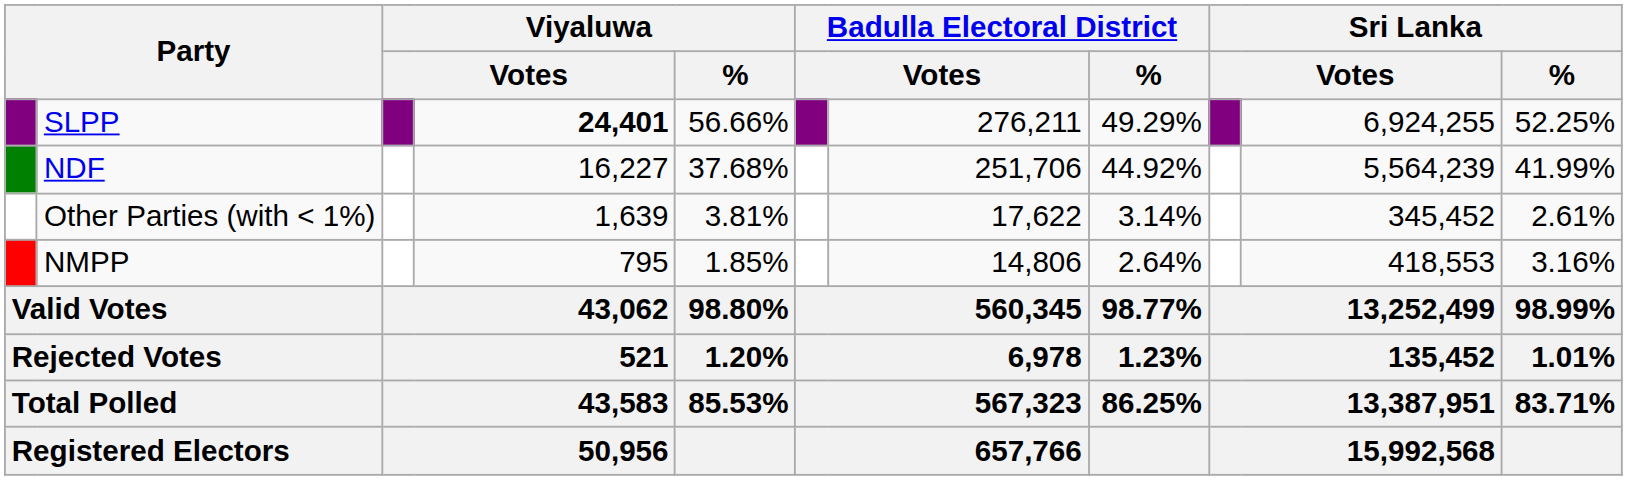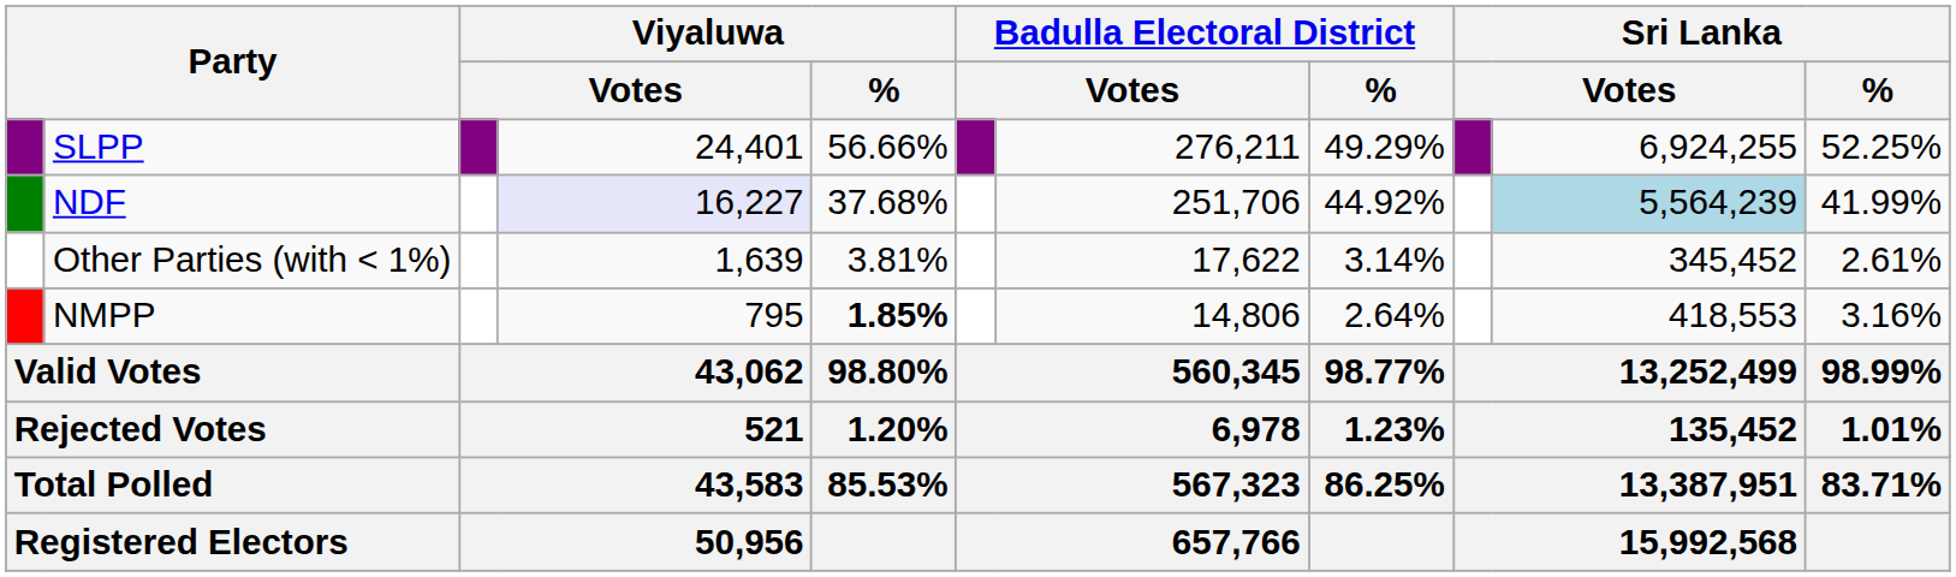 <table class="wikitable">
 <tr>
 <th colspan="2" width="144px"rowspan="2">Party</th>
 <th colspan="3" width="216px">Viyaluwa</th>
 <th colspan="3" width="216px"><a href='#'>Badulla Electoral District</a></th>
 <th colspan="3" width="216px">Sri Lanka</th>
 </tr>
 <tr>
 <th colspan="2" width="144px">Votes</th>
 <th>%</th>
 <th colspan="2" width="144px">Votes</th>
 <th>%</th>
 <th colspan="2" width="144px">Votes</th>
 <th>%</th>
 </tr>
 <tr>
 <td style="background-color:purple;" width="10px"></td>
 <td style="text-align:left;"><a href='#'>SLPP</a></td>
 <td style="background-color:purple;" width="10px"></td>
-<td style="text-align:right;"><strong>24,401</strong></td>
+<td style="text-align:right;">24,401</td>
 <td style="text-align:right;">56.66%</td>
 <td style="background-color:purple;" width="10px"></td>
 <td style="text-align:right;">276,211</td>
 <td style="text-align:right;">49.29%</td>
 <td style="background-color:purple;" width="10px"></td>
 <td style="text-align:right;">6,924,255</td>
 <td style="text-align:right;">52.25%</td>
 </tr>
 <tr>
 <td style="background-color:green;" width="10px"></td>
 <td style="text-align:left;"><a href='#'>NDF</a></td>
 <td style="background-color:white;" width="10px"></td>
-<td style="text-align:right;">16,227</td>
+<td style="background: lavender; text-align:right;">16,227</td>
 <td style="text-align:right;">37.68%</td>
 <td style="background-color:white;" width="10px"></td>
 <td style="text-align:right;">251,706</td>
 <td style="text-align:right;">44.92%</td>
 <td style="background-color:white;" width="10px"></td>
-<td style="text-align:right;">5,564,239</td>
+<td style="background: lightblue; text-align:right;">5,564,239</td>
 <td style="text-align:right;">41.99%</td>
 </tr>
 <tr>
 <td style="background-color:white;" width="10px"></td>
 <td style="text-align:left;">Other Parties (with < 1%)</td>
 <td style="background-color:white;" width="10px"></td>
 <td style="text-align:right;">1,639</td>
 <td style="text-align:right;">3.81%</td>
 <td style="background-color:white;" width="10px"></td>
 <td style="text-align:right;">17,622</td>
 <td style="text-align:right;">3.14%</td>
 <td style="background-color:white;" width="10px"></td>
 <td style="text-align:right;">345,452</td>
 <td style="text-align:right;">2.61%</td>
 </tr>
 <tr>
 <td style="background-color:red;" width="10px"></td>
 <td style="text-align:left;">NMPP</td>
 <td style="background-color:white;" width="10px"></td>
 <td style="text-align:right;">795</td>
-<td style="text-align:right;">1.85%</td>
+<td style="text-align:right;"><strong>1.85%</strong></td>
 <td style="background-color:white;" width="10px"></td>
 <td style="text-align:right;">14,806</td>
 <td style="text-align:right;">2.64%</td>
 <td style="background-color:white;" width="10px"></td>
 <td style="text-align:right;">418,553</td>
 <td style="text-align:right;">3.16%</td>
 </tr>
 <tr>
 <th colspan="2" width="144px"style="text-align:left;">Valid Votes</th>
 <th style="text-align:right;"colspan="2" width="144px">43,062</th>
 <th style="text-align:right;">98.80%</th>
 <th style="text-align:right;"colspan="2" width="144px">560,345</th>
 <th style="text-align:right;">98.77%</th>
 <th style="text-align:right;"colspan="2" width="144px">13,252,499</th>
 <th style="text-align:right;">98.99%</th>
 </tr>
 <tr>
 <th colspan="2" width="144px"style="text-align:left;">Rejected Votes</th>
 <th style="text-align:right;"colspan="2" width="144px">521</th>
 <th style="text-align:right;">1.20%</th>
 <th style="text-align:right;"colspan="2" width="144px">6,978</th>
 <th style="text-align:right;">1.23%</th>
 <th style="text-align:right;"colspan="2" width="144px">135,452</th>
 <th style="text-align:right;">1.01%</th>
 </tr>
 <tr>
 <th colspan="2" width="144px"style="text-align:left;">Total Polled</th>
 <th style="text-align:right;"colspan="2" width="144px">43,583</th>
 <th style="text-align:right;">85.53%</th>
 <th style="text-align:right;"colspan="2" width="144px">567,323</th>
 <th style="text-align:right;">86.25%</th>
 <th style="text-align:right;"colspan="2" width="144px">13,387,951</th>
 <th style="text-align:right;">83.71%</th>
 </tr>
 <tr>
 <th colspan="2" width="144px"style="text-align:left;">Registered Electors</th>
 <th style="text-align:right;"colspan="2" width="144px">50,956</th>
 <th></th>
 <th style="text-align:right;"colspan="2" width="144px">657,766</th>
 <th></th>
 <th style="text-align:right;"colspan="2" width="144px">15,992,568</th>
 <th></th>
 </tr>
 </table>
